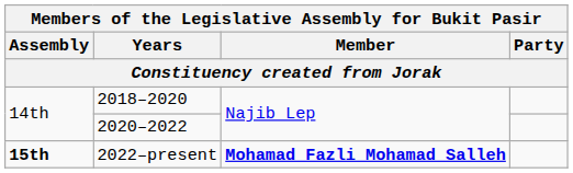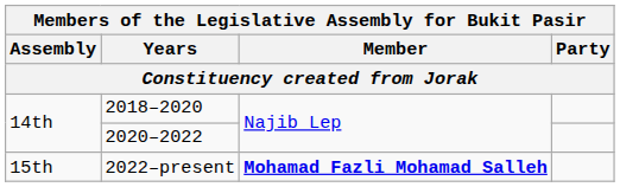 <table class="wikitable">
 <tr>
 <th colspan="4">Members of the Legislative Assembly for Bukit Pasir</th>
 </tr>
 <tr>
 <th>Assembly</th>
 <th>Years</th>
 <th>Member</th>
 <th>Party</th>
 </tr>
 <tr>
 <th colspan="4"><em>Constituency created from Jorak</em></th>
 </tr>
 <tr>
 <td rowspan="2">14th</td>
 <td>2018–2020</td>
 <td rowspan="2"><a href='#'>Najib Lep</a></td>
 <td></td>
 </tr>
 <tr>
 <td>2020–2022</td>
 <td></td>
 </tr>
 <tr>
-<td><strong>15th</strong></td>
+<td>15th</td>
 <td>2022–present</td>
 <td><strong><a href='#'>Mohamad Fazli Mohamad Salleh</a></strong></td>
 <td></td>
 </tr>
 </table>
